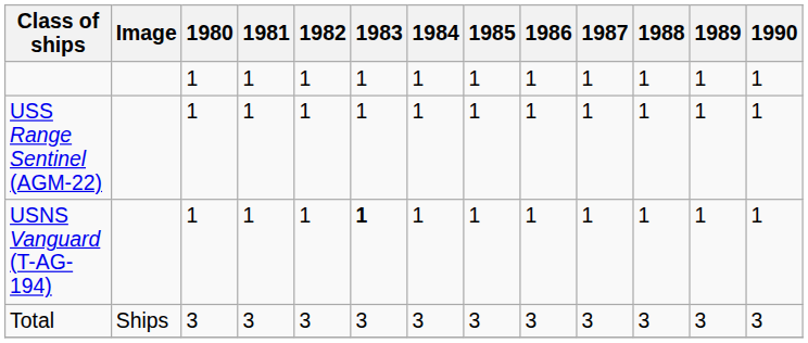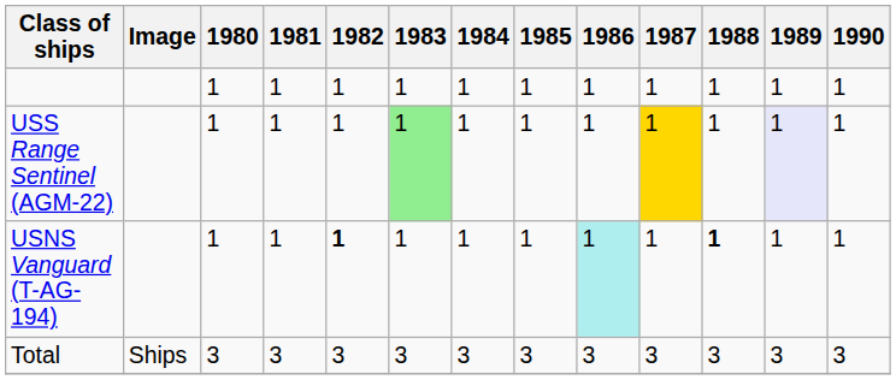 <table class="wikitable sortable collapsible collapsed">
 <tr>
 <th style="width:29%;">Class of ships</th>
 <th>Image</th>
 <th>1980</th>
 <th>1981</th>
 <th>1982</th>
 <th>1983</th>
 <th>1984</th>
 <th>1985</th>
 <th>1986</th>
 <th>1987</th>
 <th>1988</th>
 <th>1989</th>
 <th>1990</th>
 </tr>
 <tr valign="top">
 <td></td>
 <td></td>
 <td>1</td>
 <td>1</td>
 <td>1</td>
 <td>1</td>
 <td>1</td>
 <td>1</td>
 <td>1</td>
 <td>1</td>
 <td>1</td>
 <td>1</td>
 <td>1</td>
 </tr>
 <tr valign="top">
 <td><a href='#'>USS <em>Range Sentinel</em> (AGM-22)</a></td>
 <td></td>
 <td>1</td>
 <td>1</td>
 <td>1</td>
+<td style="background: lightgreen;">1</td>
 <td>1</td>
 <td>1</td>
 <td>1</td>
+<td style="background: gold;">1</td>
 <td>1</td>
-<td>1</td>
-<td>1</td>
-<td>1</td>
+<td style="background: lavender;">1</td>
 <td>1</td>
 </tr>
 <tr valign="top">
 <td><a href='#'>USNS <em>Vanguard</em> (T-AG-194)</a></td>
 <td></td>
 <td>1</td>
 <td>1</td>
-<td>1</td>
 <td><strong>1</strong></td>
 <td>1</td>
 <td>1</td>
 <td>1</td>
+<td style="background: paleturquoise;">1</td>
 <td>1</td>
-<td>1</td>
+<td><strong>1</strong></td>
 <td>1</td>
 <td>1</td>
 </tr>
 <tr valign="top">
 <td>Total</td>
 <td>Ships</td>
 <td>3</td>
 <td>3</td>
 <td>3</td>
 <td>3</td>
 <td>3</td>
 <td>3</td>
 <td>3</td>
 <td>3</td>
 <td>3</td>
 <td>3</td>
 <td>3</td>
 </tr>
 <tr>
 </tr>
 </table>
